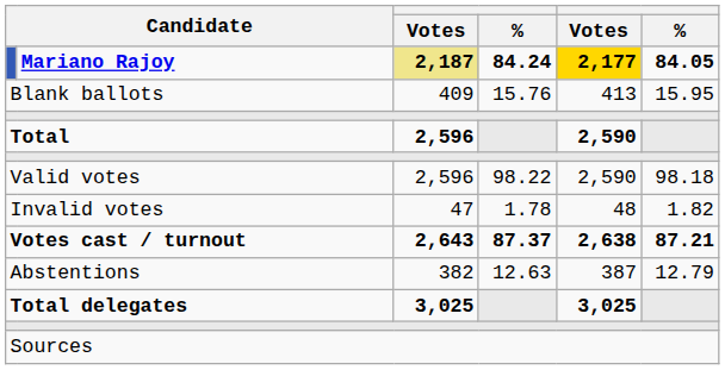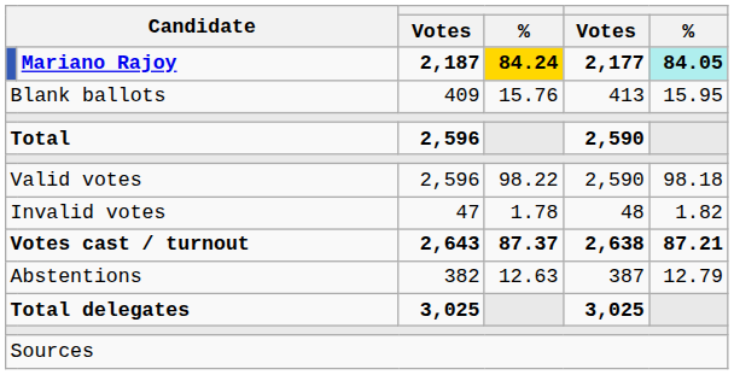 <table class="wikitable" style="text-align:right;">
 <tr>
 <th rowspan="2" colspan="2" width="250">Candidate</th>
 <th colspan="2"></th>
 <th colspan="2"></th>
 </tr>
 <tr>
 <th width="50">Votes</th>
 <th width="45">%</th>
 <th width="50">Votes</th>
 <th width="45">%</th>
 </tr>
 <tr>
 <td width="1" style="color:inherit;background:#3259B6"></td>
 <td align="left"><strong><a href='#'>Mariano Rajoy</a></strong></td>
-<td style="background: khaki;"><strong>2,187</strong></td>
-<td><strong>84.24</strong></td>
-<td style="background: gold;"><strong>2,177</strong></td>
-<td><strong>84.05</strong></td>
+<td><strong>2,187</strong></td>
+<td style="background: gold;"><strong>84.24</strong></td>
+<td><strong>2,177</strong></td>
+<td style="background: paleturquoise;"><strong>84.05</strong></td>
 </tr>
 <tr>
 <td align="left" colspan="2">Blank ballots</td>
 <td>409</td>
 <td>15.76</td>
 <td>413</td>
 <td>15.95</td>
 </tr>
 <tr>
 <td colspan="6" bgcolor="#E9E9E9"></td>
 </tr>
 <tr style="font-weight:bold;">
 <td align="left" colspan="2">Total</td>
 <td>2,596</td>
 <td bgcolor="#E9E9E9"></td>
 <td>2,590</td>
 <td bgcolor="#E9E9E9"></td>
 </tr>
 <tr>
 <td colspan="6" bgcolor="#E9E9E9"></td>
 </tr>
 <tr>
 <td align="left" colspan="2">Valid votes</td>
 <td>2,596</td>
 <td>98.22</td>
 <td>2,590</td>
 <td>98.18</td>
 </tr>
 <tr>
 <td align="left" colspan="2">Invalid votes</td>
 <td>47</td>
 <td>1.78</td>
 <td>48</td>
 <td>1.82</td>
 </tr>
 <tr style="font-weight:bold;">
 <td align="left" colspan="2">Votes cast / turnout</td>
 <td>2,643</td>
 <td>87.37</td>
 <td>2,638</td>
 <td>87.21</td>
 </tr>
 <tr>
 <td align="left" colspan="2">Abstentions</td>
 <td>382</td>
 <td>12.63</td>
 <td>387</td>
 <td>12.79</td>
 </tr>
 <tr style="font-weight:bold;">
 <td align="left" colspan="2">Total delegates</td>
 <td>3,025</td>
 <td bgcolor="#E9E9E9"></td>
 <td>3,025</td>
 <td bgcolor="#E9E9E9"></td>
 </tr>
 <tr>
 <td colspan="6" bgcolor="#E9E9E9"></td>
 </tr>
 <tr>
 <td align="left" colspan="6">Sources</td>
 </tr>
 </table>
